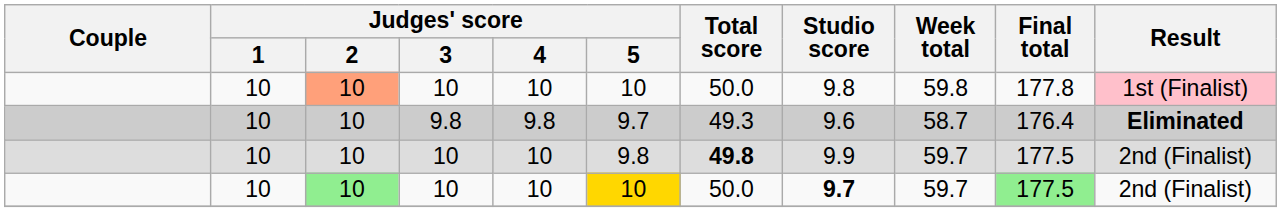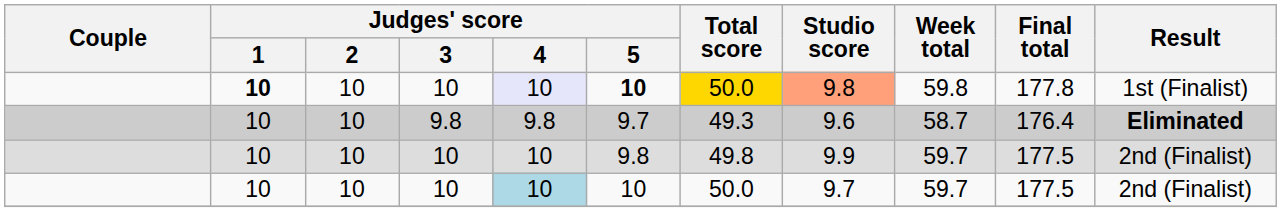 <table class="wikitable" style="font-size:100%; line-height:16px; text-align:center" width="100%">
 <tr>
 <th rowspan=2 width="11.00%">Couple</th>
 <th colspan=5 width="25.00%">Judges' score</th>
 <th rowspan=2 width="05.00%">Total<br>score</th>
 <th rowspan=2 width="05.00%">Studio<br>score</th>
 <th rowspan=2 width="05.00%">Week<br>total</th>
 <th rowspan=2 width="05.00%">Final<br>total</th>
 <th rowspan=2 width="09.00%">Result</th>
 </tr>
 <tr>
 <th width="05%">1</th>
 <th width="05%">2</th>
 <th width="05%">3</th>
 <th width="05%">4</th>
 <th width="05%">5</th>
 </tr>
 <tr>
 <td></td>
-<td>10</td>
-<td style="background: lightsalmon;">10</td>
+<td><strong>10</strong></td>
 <td>10</td>
 <td>10</td>
-<td>10</td>
-<td>50.0</td>
-<td>9.8</td>
+<td style="background: lavender;">10</td>
+<td><strong>10</strong></td>
+<td style="background: gold;">50.0</td>
+<td style="background: lightsalmon;">9.8</td>
 <td>59.8</td>
 <td>177.8</td>
-<td style="background: pink;">1st (Finalist)</td>
+<td>1st (Finalist)</td>
 </tr>
 <tr bgcolor=CCCCCC>
 <td></td>
 <td>10</td>
 <td>10</td>
 <td>9.8</td>
 <td>9.8</td>
 <td>9.7</td>
 <td>49.3</td>
 <td>9.6</td>
 <td>58.7</td>
 <td>176.4</td>
 <td><strong>Eliminated</strong></td>
 </tr>
 <tr bgcolor="DDDDDD">
 <td></td>
 <td>10</td>
 <td>10</td>
 <td>10</td>
 <td>10</td>
 <td>9.8</td>
-<td><strong>49.8</strong></td>
+<td>49.8</td>
 <td>9.9</td>
 <td>59.7</td>
 <td>177.5</td>
 <td>2nd (Finalist)</td>
 </tr>
 <tr>
 <td></td>
 <td>10</td>
-<td style="background: lightgreen;">10</td>
 <td>10</td>
 <td>10</td>
-<td style="background: gold;">10</td>
+<td style="background: lightblue;">10</td>
+<td>10</td>
 <td>50.0</td>
-<td><strong>9.7</strong></td>
+<td>9.7</td>
 <td>59.7</td>
-<td style="background: lightgreen;">177.5</td>
+<td>177.5</td>
 <td>2nd (Finalist)</td>
 </tr>
 <tr>
 </tr>
 </table>
